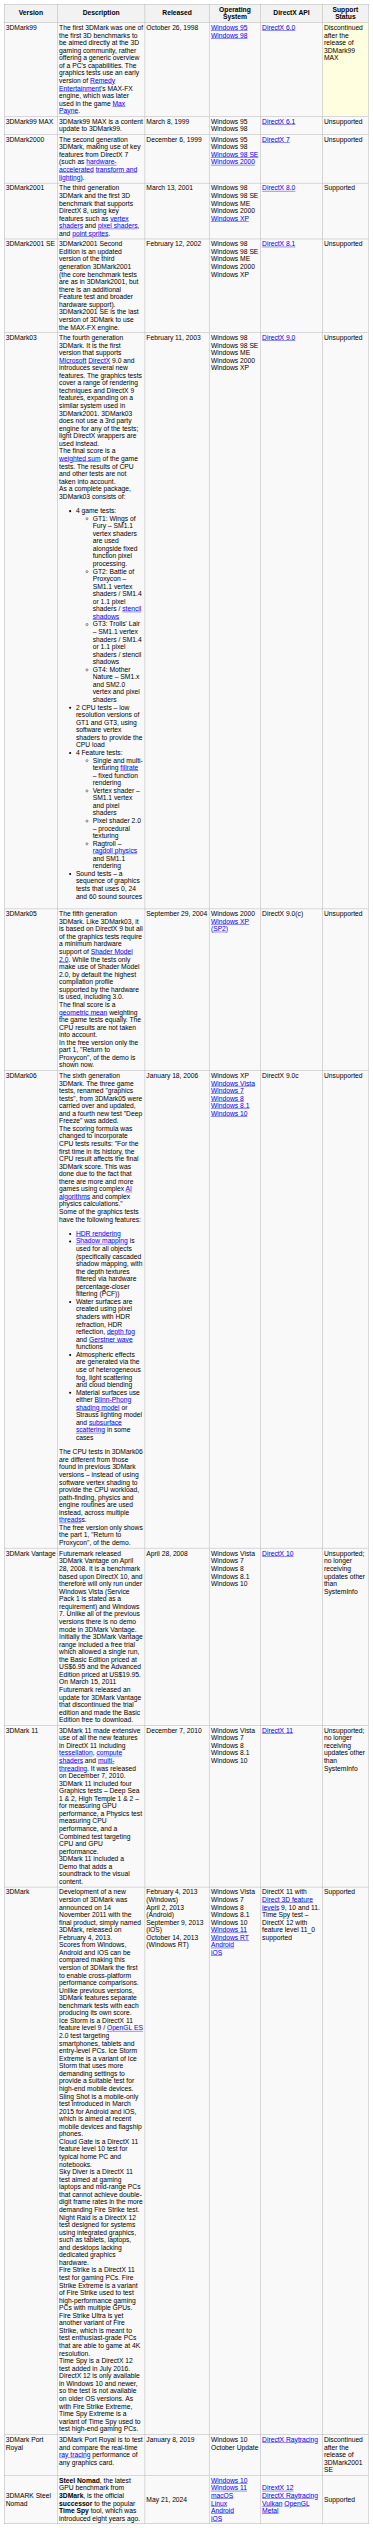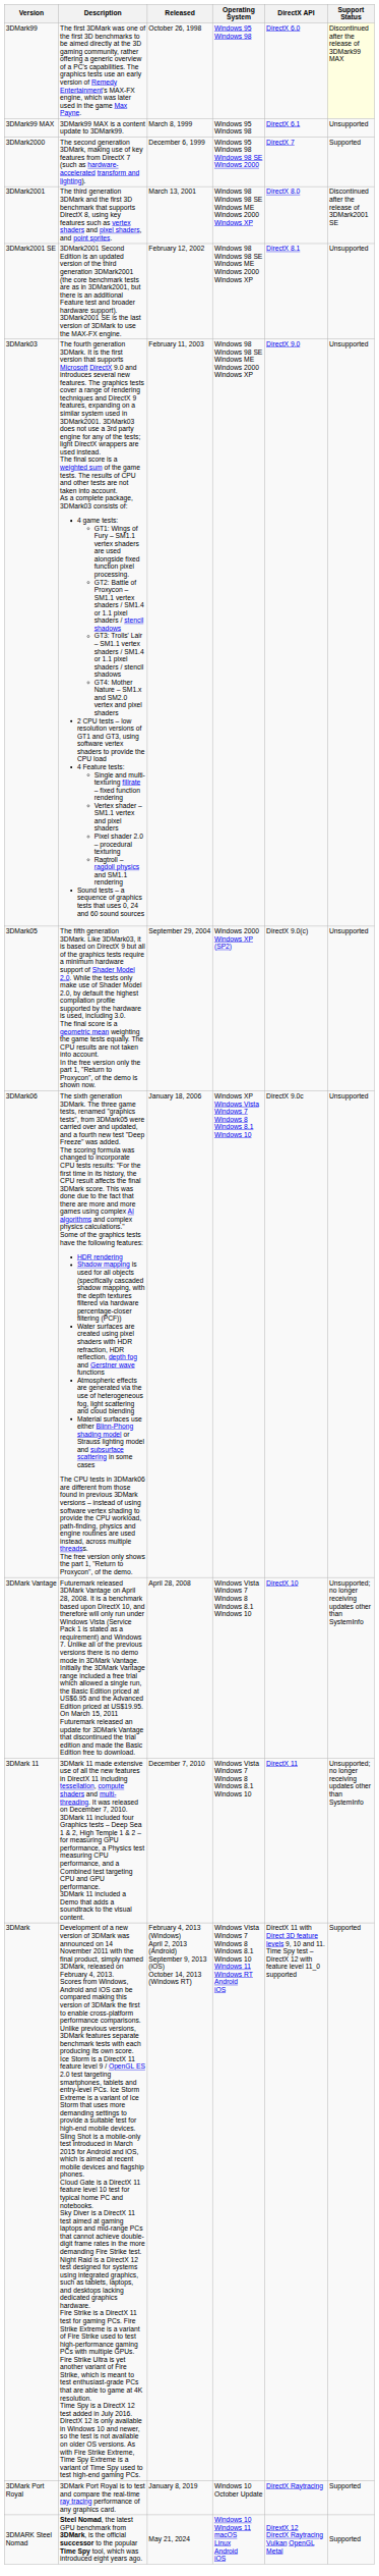 <table class="wikitable">
 <tr>
 <th>Version</th>
 <th>Description</th>
 <th>Released</th>
 <th>Operating System</th>
 <th style=white-space:nowrap>DirectX API</th>
 <th>Support Status</th>
 </tr>
 <tr valign="top">
 <td>3DMark99</td>
 <td>The first 3DMark was one of the first 3D benchmarks to be aimed directly at the 3D gaming community, rather offering a generic overview of a PC's capabilities. The graphics tests use an early version of <a href='#'>Remedy Entertainment</a>'s MAX-FX engine, which was later used in the game <a href='#'>Max Payne</a>.</td>
 <td>October 26, 1998</td>
 <td><a href='#'>Windows 95</a><br><a href='#'>Windows 98</a></td>
 <td><a href='#'>DirectX 6.0</a></td>
 <td style="background: lightyellow;">Discontinued after the release of 3DMark99 MAX</td>
 </tr>
 <tr valign="top">
 <td>3DMark99 MAX</td>
 <td>3DMark99 MAX is a content update to 3DMark99.</td>
 <td>March 8, 1999</td>
 <td>Windows 95<br>Windows 98</td>
 <td><a href='#'>DirectX 6.1 </a></td>
 <td>Unsupported</td>
 </tr>
 <tr valign="top">
 <td>3DMark2000</td>
 <td>The second generation 3DMark, making use of key features from DirectX 7 (such as <a href='#'>hardware-accelerated</a> <a href='#'>transform and lighting</a>).</td>
 <td>December 6, 1999</td>
 <td>Windows 95<br>Windows 98<br><a href='#'>Windows 98 SE</a><br><a href='#'>Windows 2000</a></td>
 <td><a href='#'>DirectX 7</a></td>
-<td>Unsupported</td>
+<td>Supported</td>
 </tr>
 <tr valign="top">
 <td>3DMark2001</td>
 <td>The third generation 3DMark and the first 3D benchmark that supports DirectX 8, using key features such as <a href='#'>vertex shaders</a> and <a href='#'>pixel shaders</a>, and <a href='#'>point sprites</a>.</td>
 <td>March 13, 2001</td>
 <td>Windows 98<br>Windows 98 SE<br>Windows ME<br>Windows 2000<br><a href='#'>Windows XP</a></td>
 <td><a href='#'>DirectX 8.0</a></td>
-<td>Supported</td>
+<td>Discontinued after the release of 3DMark2001 SE</td>
 </tr>
 <tr valign="top">
 <td>3DMark2001 SE</td>
 <td>3DMark2001 Second Edition is an updated version of the third generation 3DMark2001 (the core benchmark tests are as in 3DMark2001, but there is an additional Feature test and broader hardware support). 3DMark2001 SE is the last version of 3DMark to use the MAX-FX engine.</td>
 <td>February 12, 2002</td>
 <td>Windows 98<br>Windows 98 SE<br>Windows ME<br>Windows 2000<br>Windows XP</td>
 <td><a href='#'>DirectX 8.1</a></td>
 <td>Unsupported</td>
 </tr>
 <tr valign="top">
 <td>3DMark03</td>
 <td>The fourth generation 3DMark. It is the first version that supports <a href='#'>Microsoft</a> <a href='#'>DirectX</a> 9.0 and introduces several new features.  The graphics tests cover a range of rendering techniques and DirectX 9 features, expanding on a similar system used in 3DMark2001. 3DMark03 does not use a 3rd party engine for any of the tests; light DirectX wrappers are used instead.<br>The final score is a <a href='#'>weighted sum</a> of the game tests. The results of CPU and other tests are not taken into account.<br>As a complete package, 3DMark03 consists of:<ul><li>4 game tests:<ul><li>GT1: Wings of Fury – SM1.1 vertex shaders are used alongside fixed function pixel processing.</li><li>GT2: Battle of Proxycon – SM1.1 vertex shaders / SM1.4 or 1.1 pixel shaders / <a href='#'>stencil shadows</a></li><li>GT3: Trolls' Lair – SM1.1 vertex shaders / SM1.4 or 1.1 pixel shaders / stencil shadows</li><li>GT4: Mother Nature – SM1.x and SM2.0 vertex and pixel shaders</li></ul></li><li>2 CPU tests – low resolution versions of GT1 and GT3, using software vertex shaders to provide the CPU load</li><li>4 Feature tests:<ul><li>Single and multi-texturing <a href='#'>fillrate</a> – fixed function rendering</li><li>Vertex shader – SM1.1 vertex and pixel shaders</li><li>Pixel shader 2.0 – procedural texturing</li><li>Ragtroll – <a href='#'>ragdoll physics</a> and SM1.1 rendering</li></ul></li><li>Sound tests – a sequence of graphics tests that uses 0, 24 and 60 sound sources</li></ul></td>
 <td>February 11, 2003</td>
 <td style=white-space:nowrap>Windows 98<br>Windows 98 SE<br>Windows ME<br>Windows 2000<br>Windows XP</td>
 <td><a href='#'>DirectX 9.0</a></td>
 <td>Unsupported</td>
 </tr>
 <tr valign="top">
 <td>3DMark05</td>
 <td>The fifth generation 3DMark.  Like 3DMark03, it is based on DirectX 9 but all of the graphics tests require a minimum hardware support of <a href='#'>Shader Model 2.0</a>. While the tests only make use of Shader Model 2.0, by default the highest compilation profile supported by the hardware is used, including 3.0.<br>The final score is a <a href='#'>geometric mean</a> weighting the game tests equally. The CPU results are not taken into account.<br>In the free version only the part 1, "Return to Proxycon", of the demo is shown now.</td>
 <td style=white-space:nowrap>September 29, 2004</td>
 <td>Windows 2000<br><a href='#'>Windows XP (SP2)</a></td>
 <td>DirectX 9.0(c)</td>
 <td>Unsupported</td>
 </tr>
 <tr valign="top">
 <td>3DMark06</td>
 <td>The sixth generation 3DMark. The three game tests, renamed "graphics tests", from 3DMark05 were carried over and updated, and a fourth new test "Deep Freeze" was added.<br>The scoring formula was changed to incorporate CPU tests results: "For the first time in its history, the CPU result affects the final 3DMark score. This was done due to the fact that there are more and more games using complex <a href='#'>AI</a> <a href='#'>algorithms</a> and complex physics calculations."<br>Some of the graphics tests have the following features:<ul><li><a href='#'>HDR rendering</a></li><li><a href='#'>Shadow mapping</a> is used for all objects (specifically cascaded shadow mapping, with the depth textures filtered via hardware percentage-closer filtering (PCF))</li><li>Water surfaces are created using pixel shaders with HDR refraction, HDR reflection, <a href='#'>depth fog</a> and <a href='#'>Gerstner wave</a> functions</li><li>Atmospheric effects are generated via the use of heterogeneous fog, light scattering and cloud blending</li><li>Material surfaces use either <a href='#'>Blinn-Phong shading model</a> or Strauss lighting model and <a href='#'>subsurface scattering</a> in some cases</li></ul>The CPU tests in 3DMark06 are different from those found in previous 3DMark versions – instead of using software vertex shading to provide the CPU workload, path-finding, physics and engine routines are used instead, across multiple <a href='#'>threads</a>s.<br>The free version only shows the part 1, "Return to Proxycon", of the demo.</td>
 <td>January 18, 2006</td>
 <td>Windows XP<br><a href='#'>Windows Vista</a><br><a href='#'>Windows 7</a><br><a href='#'>Windows 8</a><br><a href='#'>Windows 8.1</a><br><a href='#'>Windows 10</a></td>
 <td>DirectX 9.0c</td>
 <td>Unsupported</td>
 </tr>
 <tr valign="top">
 <td style=white-space:nowrap>3DMark Vantage</td>
 <td>Futuremark released 3DMark Vantage on April 28, 2008. It is a benchmark based upon DirectX 10, and therefore will only run under Windows Vista (Service Pack 1 is stated as a requirement) and Windows 7. Unlike all of the previous versions there is no demo mode in 3DMark Vantage.<br>Initially the 3DMark Vantage range included a free trial which allowed a single run, the Basic Edition priced at US$6.95 and the Advanced Edition priced at US$19.95. On March 15, 2011 Futuremark released an update for 3DMark Vantage that discontinued the trial edition and made the Basic Edition free to download.</td>
 <td>April 28, 2008</td>
 <td>Windows Vista<br>Windows 7<br>Windows 8 <br>Windows 8.1<br>Windows 10</td>
 <td><a href='#'>DirectX 10</a></td>
 <td>Unsupported; no longer receiving updates other than SystemInfo</td>
 </tr>
 <tr valign="top">
 <td>3DMark 11</td>
 <td>3DMark 11 made extensive use of all the new features in DirectX 11 including <a href='#'>tessellation</a>, <a href='#'>compute shaders</a> and <a href='#'>multi-threading</a>. It was released on December 7, 2010.<br>3DMark 11 included four Graphics tests – Deep Sea 1 & 2, High Temple 1 & 2 – for measuring GPU performance, a Physics test measuring CPU performance, and a Combined test targeting CPU and GPU performance.<br>3DMark 11 included a Demo that adds a soundtrack to the visual content.</td>
 <td>December 7, 2010</td>
 <td>Windows Vista<br>Windows 7<br>Windows 8 <br>Windows 8.1<br>Windows 10</td>
 <td style=white-space:nowrap><a href='#'>DirectX 11</a></td>
 <td>Unsupported; no longer receiving updates other than SystemInfo</td>
 </tr>
 <tr valign="top">
 <td>3DMark</td>
 <td>Development of a new version of 3DMark was announced on 14 November 2011 with the final product, simply named 3DMark, released on February 4, 2013.<br>Scores from Windows, Android and iOS can be compared making this version of 3DMark the first to enable cross-platform performance comparisons.<br>Unlike previous versions, 3DMark features separate benchmark tests with each producing its own score.<br>Ice Storm is a DirectX 11 feature level 9 / <a href='#'>OpenGL ES</a> 2.0 test targeting smartphones, tablets and entry-level PCs. Ice Storm Extreme is a variant of Ice Storm that uses more demanding settings to provide a suitable test for high-end mobile devices.<br>Sling Shot is a mobile-only test introduced in March 2015 for Android and iOS, which is aimed at recent mobile devices and flagship phones.<br>Cloud Gate is a DirectX 11 feature level 10 test for typical home PC and notebooks.<br>Sky Diver is a DirectX 11 test aimed at gaming laptops and mid-range PCs that cannot achieve double-digit frame rates in the more demanding Fire Strike test.<br>Night Raid is a DirectX 12 test designed for systems using integrated graphics, such as tablets, laptops, and desktops lacking dedicated graphics hardware.<br>Fire Strike is a DirectX 11 test for gaming PCs. Fire Strike Extreme is a variant of Fire Strike used to test high-performance gaming PCs with multiple GPUs. Fire Strike Ultra is yet another variant of Fire Strike, which is meant to test enthusiast-grade PCs that are able to game at 4K resolution.<br>Time Spy is a DirectX 12 test added in July 2016. DirectX 12 is only available in Windows 10 and newer, so the test is not available on older OS versions. As with Fire Strike Extreme, Time Spy Extreme is a variant of Time Spy used to test high-end gaming PCs.</td>
 <td>February 4, 2013 (Windows)<br>April 2, 2013 (Android)<br>September 9, 2013 (iOS)<br>October 14, 2013 (Windows RT)</td>
 <td>Windows Vista<br>Windows 7<br>Windows 8 <br>Windows 8.1<br>Windows 10<br><a href='#'>Windows 11</a><br><a href='#'>Windows RT</a><br><a href='#'>Android</a><br><a href='#'>iOS</a></td>
 <td style=white-space:nowrap>DirectX 11 with <br><a href='#'>Direct 3D feature<br>levels</a> 9, 10 and 11.<br> Time Spy test – <br>  DirectX 12 with <br> feature level 11_0<br> supported</td>
 <td>Supported</td>
 </tr>
 <tr valign="top">
 <td>3DMark Port Royal</td>
 <td>3DMark Port Royal is to test and compare the real-time <a href='#'>ray tracing</a> performance of any graphics card.</td>
 <td>January 8, 2019</td>
 <td>Windows 10 October Update</td>
 <td><a href='#'>DirectX Raytracing</a></td>
-<td>Discontinued after the release of 3DMark2001 SE</td>
+<td>Supported</td>
 </tr>
 <tr>
 <td>3DMARK Steel Nomad</td>
 <td><strong>Steel Nomad</strong>, the latest GPU benchmark from <strong>3DMark</strong>, is the official <strong>successor</strong> to the popular <strong>Time Spy</strong> tool, which was introduced eight years ago.</td>
 <td>May 21, 2024</td>
 <td><a href='#'>Windows 10</a><br><a href='#'>Windows 11</a><br><a href='#'>macOS</a><br><a href='#'>Linux</a><br><a href='#'>Android</a><br><a href='#'>iOS</a></td>
 <td><a href='#'>DirextX 12</a><br><a href='#'>DirectX Raytracing</a> <a href='#'>Vulkan</a> <a href='#'>OpenGL</a> <a href='#'>Metal</a></td>
 <td>Supported</td>
 </tr>
 </table>
